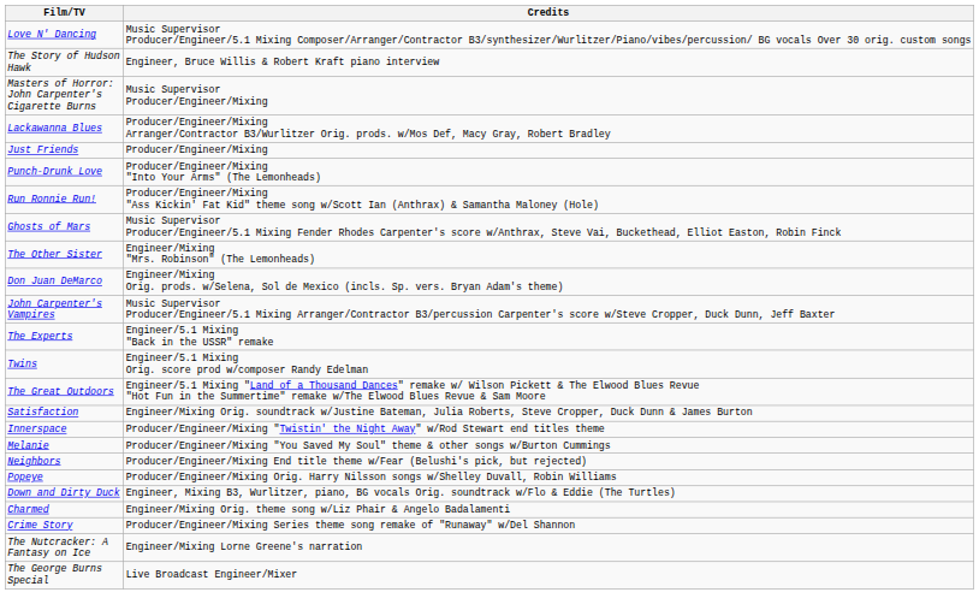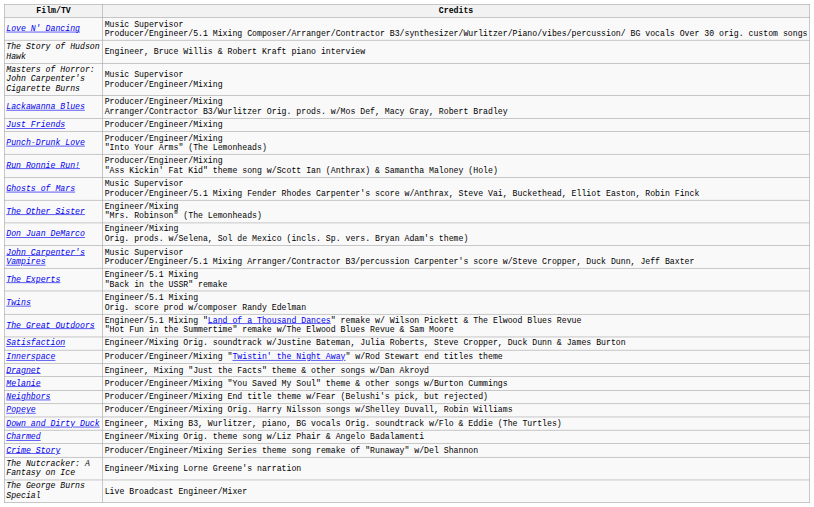 <table class="wikitable">
 <tr>
 <th style="width:150px;">Film/TV</th>
 <th>Credits</th>
 </tr>
 <tr>
 <td><em><a href='#'>Love N' Dancing</a></em></td>
 <td>Music Supervisor<br>Producer/Engineer/5.1 Mixing Composer/Arranger/Contractor B3/synthesizer/Wurlitzer/Piano/vibes/percussion/ BG vocals Over 30 orig. custom songs</td>
 </tr>
 <tr>
 <td><em>The Story of Hudson Hawk</em></td>
 <td>Engineer, Bruce Willis & Robert Kraft piano interview</td>
 </tr>
 <tr>
 <td><em>Masters of Horror: John Carpenter's Cigarette Burns</em></td>
 <td>Music Supervisor<br>Producer/Engineer/Mixing</td>
 </tr>
 <tr>
 <td><em><a href='#'>Lackawanna Blues</a></em></td>
 <td>Producer/Engineer/Mixing<br>Arranger/Contractor B3/Wurlitzer Orig. prods. w/Mos Def, Macy Gray, Robert Bradley</td>
 </tr>
 <tr>
 <td><em><a href='#'>Just Friends</a></em></td>
 <td>Producer/Engineer/Mixing</td>
 </tr>
 <tr>
 <td><em><a href='#'>Punch-Drunk Love</a></em></td>
 <td>Producer/Engineer/Mixing<br>"Into Your Arms" (The Lemonheads)</td>
 </tr>
 <tr>
 <td><em><a href='#'>Run Ronnie Run!</a></em></td>
 <td>Producer/Engineer/Mixing<br>"Ass Kickin' Fat Kid" theme song w/Scott Ian (Anthrax) & Samantha Maloney (Hole)</td>
 </tr>
 <tr>
 <td><em><a href='#'>Ghosts of Mars</a></em></td>
 <td>Music Supervisor<br>Producer/Engineer/5.1 Mixing Fender Rhodes Carpenter's score w/Anthrax, Steve Vai, Buckethead, Elliot Easton, Robin Finck</td>
 </tr>
 <tr>
 <td><em><a href='#'>The Other Sister</a></em></td>
 <td>Engineer/Mixing<br>"Mrs. Robinson" (The Lemonheads)</td>
 </tr>
 <tr>
 <td><em><a href='#'>Don Juan DeMarco</a></em></td>
 <td>Engineer/Mixing<br>Orig. prods. w/Selena, Sol de Mexico (incls. Sp. vers. Bryan Adam's theme)</td>
 </tr>
 <tr>
 <td><em><a href='#'>John Carpenter's Vampires</a></em></td>
 <td>Music Supervisor<br>Producer/Engineer/5.1 Mixing Arranger/Contractor B3/percussion Carpenter's score w/Steve Cropper, Duck Dunn, Jeff Baxter</td>
 </tr>
 <tr>
 <td><a href='#'><em>The Experts</em></a></td>
 <td>Engineer/5.1 Mixing<br>"Back in the USSR" remake</td>
 </tr>
 <tr>
 <td><a href='#'><em>Twins</em></a></td>
 <td>Engineer/5.1 Mixing<br>Orig. score prod w/composer Randy Edelman</td>
 </tr>
 <tr>
 <td><a href='#'><em>The Great Outdoors</em></a></td>
 <td>Engineer/5.1 Mixing "<a href='#'>Land of a Thousand Dances</a>" remake w/ Wilson Pickett & The Elwood Blues Revue<br>"Hot Fun in the Summertime" remake w/The Elwood Blues Revue & Sam Moore</td>
 </tr>
 <tr>
 <td><a href='#'><em>Satisfaction</em></a></td>
 <td>Engineer/Mixing Orig. soundtrack w/Justine Bateman, Julia Roberts, Steve Cropper, Duck Dunn & James Burton</td>
 </tr>
 <tr>
 <td><em><a href='#'>Innerspace</a></em></td>
 <td>Producer/Engineer/Mixing "<a href='#'>Twistin' the Night Away</a>" w/Rod Stewart end titles theme</td>
 </tr>
 <tr>
+<td><a href='#'><em>Dragnet</em></a></td>
+<td>Engineer, Mixing "Just the Facts" theme & other songs w/Dan Akroyd</td>
+</tr>
+<tr>
 <td><a href='#'><em>Melanie</em></a></td>
 <td>Producer/Engineer/Mixing "You Saved My Soul" theme & other songs w/Burton Cummings</td>
 </tr>
 <tr>
 <td><a href='#'><em>Neighbors</em></a></td>
 <td>Producer/Engineer/Mixing End title theme w/Fear (Belushi's pick, but rejected)</td>
 </tr>
 <tr>
 <td><em><a href='#'>Popeye</a></em></td>
 <td>Producer/Engineer/Mixing Orig. Harry Nilsson songs w/Shelley Duvall, Robin Williams</td>
 </tr>
 <tr>
 <td><em><a href='#'>Down and Dirty Duck</a></em></td>
 <td>Engineer, Mixing B3, Wurlitzer, piano, BG vocals Orig. soundtrack w/Flo & Eddie (The Turtles)</td>
 </tr>
 <tr>
 <td><em><a href='#'>Charmed</a></em></td>
 <td>Engineer/Mixing Orig. theme song w/Liz Phair & Angelo Badalamenti</td>
 </tr>
 <tr>
 <td><a href='#'><em>Crime Story</em></a></td>
 <td>Producer/Engineer/Mixing Series theme song remake of "Runaway" w/Del Shannon</td>
 </tr>
 <tr>
 <td><em>The Nutcracker: A Fantasy on Ice</em></td>
 <td>Engineer/Mixing Lorne Greene's narration</td>
 </tr>
 <tr>
 <td><em>The George Burns Special</em></td>
 <td>Live Broadcast Engineer/Mixer</td>
 </tr>
 </table>
